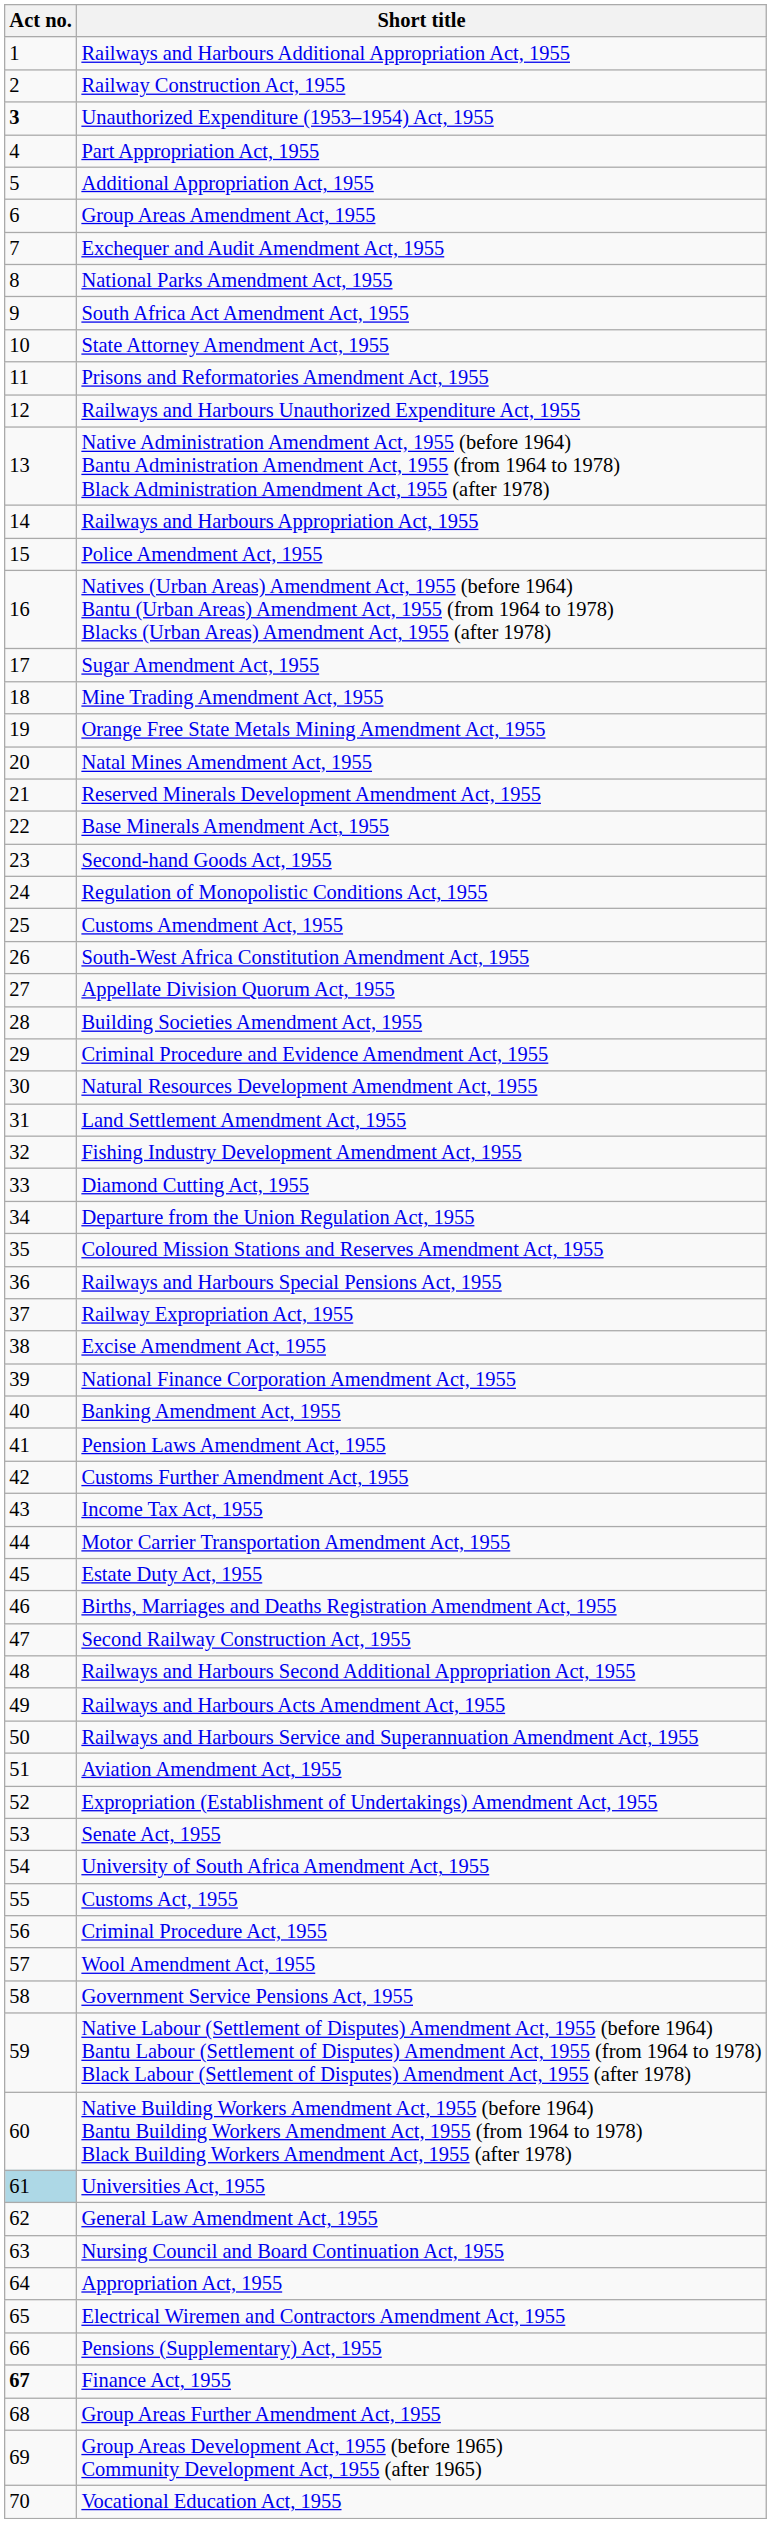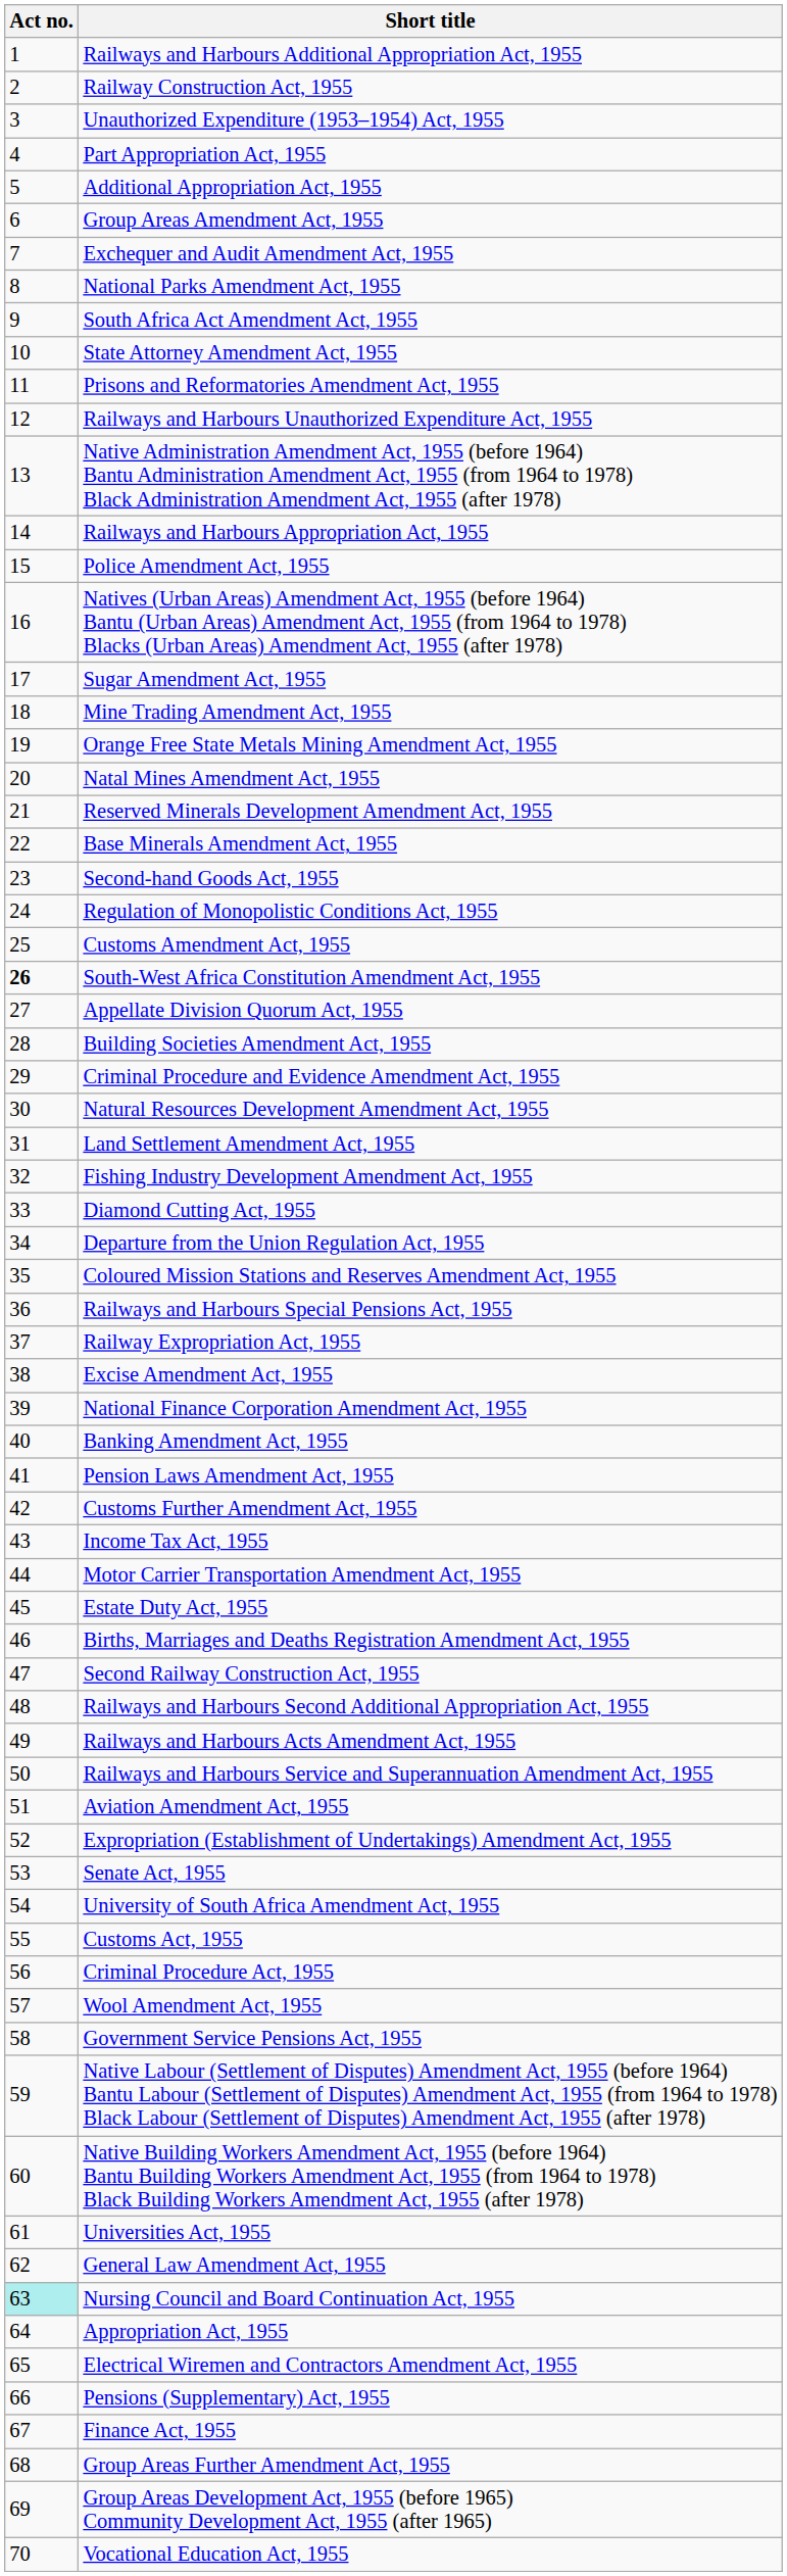 <table class="wikitable sortable">
 <tr>
 <th>Act no.</th>
 <th>Short title</th>
 </tr>
 <tr>
 <td>1</td>
 <td><a href='#'>Railways and Harbours Additional Appropriation Act, 1955</a></td>
 </tr>
 <tr>
 <td>2</td>
 <td><a href='#'>Railway Construction Act, 1955</a></td>
 </tr>
 <tr>
-<td><strong>3</strong></td>
+<td>3</td>
 <td><a href='#'>Unauthorized Expenditure (1953–1954) Act, 1955</a></td>
 </tr>
 <tr>
 <td>4</td>
 <td><a href='#'>Part Appropriation Act, 1955</a></td>
 </tr>
 <tr>
 <td>5</td>
 <td><a href='#'>Additional Appropriation Act, 1955</a></td>
 </tr>
 <tr>
 <td>6</td>
 <td><a href='#'>Group Areas Amendment Act, 1955</a></td>
 </tr>
 <tr>
 <td>7</td>
 <td><a href='#'>Exchequer and Audit Amendment Act, 1955</a></td>
 </tr>
 <tr>
 <td>8</td>
 <td><a href='#'>National Parks Amendment Act, 1955</a></td>
 </tr>
 <tr>
 <td>9</td>
 <td><a href='#'>South Africa Act Amendment Act, 1955</a></td>
 </tr>
 <tr>
 <td>10</td>
 <td><a href='#'>State Attorney Amendment Act, 1955</a></td>
 </tr>
 <tr>
 <td>11</td>
 <td><a href='#'>Prisons and Reformatories Amendment Act, 1955</a></td>
 </tr>
 <tr>
 <td>12</td>
 <td><a href='#'>Railways and Harbours Unauthorized Expenditure Act, 1955</a></td>
 </tr>
 <tr>
 <td>13</td>
 <td><a href='#'>Native Administration Amendment Act, 1955</a> (before 1964) <br><a href='#'>Bantu Administration Amendment Act, 1955</a> (from 1964 to 1978) <br><a href='#'>Black Administration Amendment Act, 1955</a> (after 1978)</td>
 </tr>
 <tr>
 <td>14</td>
 <td><a href='#'>Railways and Harbours Appropriation Act, 1955</a></td>
 </tr>
 <tr>
 <td>15</td>
 <td><a href='#'>Police Amendment Act, 1955</a></td>
 </tr>
 <tr>
 <td>16</td>
 <td><a href='#'>Natives (Urban Areas) Amendment Act, 1955</a> (before 1964) <br><a href='#'>Bantu (Urban Areas) Amendment Act, 1955</a> (from 1964 to 1978) <br><a href='#'>Blacks (Urban Areas) Amendment Act, 1955</a> (after 1978)</td>
 </tr>
 <tr>
 <td>17</td>
 <td><a href='#'>Sugar Amendment Act, 1955</a></td>
 </tr>
 <tr>
 <td>18</td>
 <td><a href='#'>Mine Trading Amendment Act, 1955</a></td>
 </tr>
 <tr>
 <td>19</td>
 <td><a href='#'>Orange Free State Metals Mining Amendment Act, 1955</a></td>
 </tr>
 <tr>
 <td>20</td>
 <td><a href='#'>Natal Mines Amendment Act, 1955</a></td>
 </tr>
 <tr>
 <td>21</td>
 <td><a href='#'>Reserved Minerals Development Amendment Act, 1955</a></td>
 </tr>
 <tr>
 <td>22</td>
 <td><a href='#'>Base Minerals Amendment Act, 1955</a></td>
 </tr>
 <tr>
 <td>23</td>
 <td><a href='#'>Second-hand Goods Act, 1955</a></td>
 </tr>
 <tr>
 <td>24</td>
 <td><a href='#'>Regulation of Monopolistic Conditions Act, 1955</a></td>
 </tr>
 <tr>
 <td>25</td>
 <td><a href='#'>Customs Amendment Act, 1955</a></td>
 </tr>
 <tr>
-<td>26</td>
+<td><strong>26</strong></td>
 <td><a href='#'>South-West Africa Constitution Amendment Act, 1955</a></td>
 </tr>
 <tr>
 <td>27</td>
 <td><a href='#'>Appellate Division Quorum Act, 1955</a></td>
 </tr>
 <tr>
 <td>28</td>
 <td><a href='#'>Building Societies Amendment Act, 1955</a></td>
 </tr>
 <tr>
 <td>29</td>
 <td><a href='#'>Criminal Procedure and Evidence Amendment Act, 1955</a></td>
 </tr>
 <tr>
 <td>30</td>
 <td><a href='#'>Natural Resources Development Amendment Act, 1955</a></td>
 </tr>
 <tr>
 <td>31</td>
 <td><a href='#'>Land Settlement Amendment Act, 1955</a></td>
 </tr>
 <tr>
 <td>32</td>
 <td><a href='#'>Fishing Industry Development Amendment Act, 1955</a></td>
 </tr>
 <tr>
 <td>33</td>
 <td><a href='#'>Diamond Cutting Act, 1955</a></td>
 </tr>
 <tr>
 <td>34</td>
 <td><a href='#'>Departure from the Union Regulation Act, 1955</a></td>
 </tr>
 <tr>
 <td>35</td>
 <td><a href='#'>Coloured Mission Stations and Reserves Amendment Act, 1955</a></td>
 </tr>
 <tr>
 <td>36</td>
 <td><a href='#'>Railways and Harbours Special Pensions Act, 1955</a></td>
 </tr>
 <tr>
 <td>37</td>
 <td><a href='#'>Railway Expropriation Act, 1955</a></td>
 </tr>
 <tr>
 <td>38</td>
 <td><a href='#'>Excise Amendment Act, 1955</a></td>
 </tr>
 <tr>
 <td>39</td>
 <td><a href='#'>National Finance Corporation Amendment Act, 1955</a></td>
 </tr>
 <tr>
 <td>40</td>
 <td><a href='#'>Banking Amendment Act, 1955</a></td>
 </tr>
 <tr>
 <td>41</td>
 <td><a href='#'>Pension Laws Amendment Act, 1955</a></td>
 </tr>
 <tr>
 <td>42</td>
 <td><a href='#'>Customs Further Amendment Act, 1955</a></td>
 </tr>
 <tr>
 <td>43</td>
 <td><a href='#'>Income Tax Act, 1955</a></td>
 </tr>
 <tr>
 <td>44</td>
 <td><a href='#'>Motor Carrier Transportation Amendment Act, 1955</a></td>
 </tr>
 <tr>
 <td>45</td>
 <td><a href='#'>Estate Duty Act, 1955</a></td>
 </tr>
 <tr>
 <td>46</td>
 <td><a href='#'>Births, Marriages and Deaths Registration Amendment Act, 1955</a></td>
 </tr>
 <tr>
 <td>47</td>
 <td><a href='#'>Second Railway Construction Act, 1955</a></td>
 </tr>
 <tr>
 <td>48</td>
 <td><a href='#'>Railways and Harbours Second Additional Appropriation Act, 1955</a></td>
 </tr>
 <tr>
 <td>49</td>
 <td><a href='#'>Railways and Harbours Acts Amendment Act, 1955</a></td>
 </tr>
 <tr>
 <td>50</td>
 <td><a href='#'>Railways and Harbours Service and Superannuation Amendment Act, 1955</a></td>
 </tr>
 <tr>
 <td>51</td>
 <td><a href='#'>Aviation Amendment Act, 1955</a></td>
 </tr>
 <tr>
 <td>52</td>
 <td><a href='#'>Expropriation (Establishment of Undertakings) Amendment Act, 1955</a></td>
 </tr>
 <tr>
 <td>53</td>
 <td><a href='#'>Senate Act, 1955</a></td>
 </tr>
 <tr>
 <td>54</td>
 <td><a href='#'>University of South Africa Amendment Act, 1955</a></td>
 </tr>
 <tr>
 <td>55</td>
 <td><a href='#'>Customs Act, 1955</a></td>
 </tr>
 <tr>
 <td>56</td>
 <td><a href='#'>Criminal Procedure Act, 1955</a></td>
 </tr>
 <tr>
 <td>57</td>
 <td><a href='#'>Wool Amendment Act, 1955</a></td>
 </tr>
 <tr>
 <td>58</td>
 <td><a href='#'>Government Service Pensions Act, 1955</a></td>
 </tr>
 <tr>
 <td>59</td>
 <td><a href='#'>Native Labour (Settlement of Disputes) Amendment Act, 1955</a> (before 1964) <br><a href='#'>Bantu Labour (Settlement of Disputes) Amendment Act, 1955</a> (from 1964 to 1978) <br><a href='#'>Black Labour (Settlement of Disputes) Amendment Act, 1955</a> (after 1978)</td>
 </tr>
 <tr>
 <td>60</td>
 <td><a href='#'>Native Building Workers Amendment Act, 1955</a> (before 1964) <br><a href='#'>Bantu Building Workers Amendment Act, 1955</a> (from 1964 to 1978) <br><a href='#'>Black Building Workers Amendment Act, 1955</a> (after 1978)</td>
 </tr>
 <tr>
-<td style="background: lightblue;">61</td>
+<td>61</td>
 <td><a href='#'>Universities Act, 1955</a></td>
 </tr>
 <tr>
 <td>62</td>
 <td><a href='#'>General Law Amendment Act, 1955</a></td>
 </tr>
 <tr>
-<td>63</td>
+<td style="background: paleturquoise;">63</td>
 <td><a href='#'>Nursing Council and Board Continuation Act, 1955</a></td>
 </tr>
 <tr>
 <td>64</td>
 <td><a href='#'>Appropriation Act, 1955</a></td>
 </tr>
 <tr>
 <td>65</td>
 <td><a href='#'>Electrical Wiremen and Contractors Amendment Act, 1955</a></td>
 </tr>
 <tr>
 <td>66</td>
 <td><a href='#'>Pensions (Supplementary) Act, 1955</a></td>
 </tr>
 <tr>
-<td><strong>67</strong></td>
+<td>67</td>
 <td><a href='#'>Finance Act, 1955</a></td>
 </tr>
 <tr>
 <td>68</td>
 <td><a href='#'>Group Areas Further Amendment Act, 1955</a></td>
 </tr>
 <tr>
 <td>69</td>
 <td><a href='#'>Group Areas Development Act, 1955</a> (before 1965) <br><a href='#'>Community Development Act, 1955</a> (after 1965)</td>
 </tr>
 <tr>
 <td>70</td>
 <td><a href='#'>Vocational Education Act, 1955</a></td>
 </tr>
 </table>
